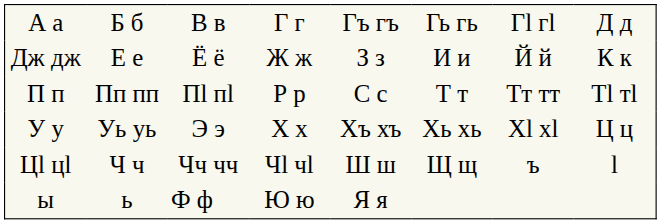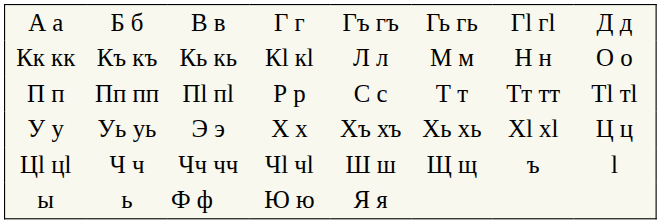 <table style="font-family:Arial Unicode MS; font-size:1.4em; border-color:#000; border-width:1px; border-style:solid; border-collapse:collapse; background:#f8f8ef;">
 <tr>
 <td style="width:3em; text-align:center; padding: 3px;">А а</td>
 <td style="width:3em; text-align:center; padding: 3px;">Б б</td>
 <td style="width:3em; text-align:center; padding: 3px;">В в</td>
 <td style="width:3em; text-align:center; padding: 3px;">Г г</td>
 <td style="width:3em; text-align:center; padding: 3px;">Гъ гъ</td>
 <td style="width:3em; text-align:center; padding: 3px;">Гь гь</td>
 <td style="width:3em; text-align:center; padding: 3px;">Гӏ гӏ</td>
 <td style="width:3em; text-align:center; padding: 3px;">Д д</td>
 </tr>
 <tr style="text-align:center;">
-<td style="width:3em; padding: 3px;">Дж дж</td>
-<td style="width:3em; padding: 3px;">Е е</td>
-<td style="width:3em; padding: 3px;">Ё ё</td>
-<td style="width:3em; padding: 3px;">Ж ж</td>
-<td style="width:3em; padding: 3px;">З з</td>
-<td style="width:3em; padding: 3px;">И и</td>
-<td style="width:3em; padding: 3px;">Й й</td>
-<td style="width:3em; padding: 3px;">К к</td>
+<td style="width:3em; padding: 3px;">Кк кк</td>
+<td style="width:3em; padding: 3px;">Къ къ</td>
+<td style="width:3em; padding: 3px;">Кь кь</td>
+<td style="width:3em; padding: 3px;">Кӏ кӏ</td>
+<td style="width:3em; padding: 3px;">Л л</td>
+<td style="width:3em; padding: 3px;">М м</td>
+<td style="width:3em; padding: 3px;">Н н</td>
+<td style="width:3em; padding: 3px;">О о</td>
 </tr>
 <tr style="text-align:center;">
 <td style="width:3em; padding: 3px;">П п</td>
 <td style="width:3em; padding: 3px;">Пп пп</td>
 <td style="width:3em; padding: 3px;">Пӏ пӏ</td>
 <td style="width:3em; padding: 3px;">Р р</td>
 <td style="width:3em; padding: 3px;">С с</td>
 <td style="width:3em; padding: 3px;">Т т</td>
 <td style="width:3em; padding: 3px;">Тт тт</td>
 <td style="width:3em; padding: 3px;">Тӏ тӏ</td>
 </tr>
 <tr style="text-align:center;">
 <td style="width:3em; padding: 3px;">У у</td>
 <td style="width:3em; padding: 3px;">Уь уь</td>
 <td style="width:3em; text-align:center; padding: 3px;">Э э</td>
 <td style="width:3em; padding: 3px;">Х х</td>
 <td style="width:3em; padding: 3px;">Хъ хъ</td>
 <td style="width:3em; padding: 3px;">Хь хь</td>
 <td style="width:3em; padding: 3px;">Хӏ хӏ</td>
 <td style="width:3em; padding: 3px;">Ц ц</td>
 </tr>
 <tr style="text-align:center;">
 <td style="width:3em; padding: 3px;">Цӏ цӏ</td>
 <td style="width:3em; padding: 3px;">Ч ч</td>
 <td style="width:3em; padding: 3px;">Чч чч</td>
 <td style="width:3em; padding: 3px;">Чӏ чӏ</td>
 <td style="width:3em; padding: 3px;">Ш ш</td>
 <td style="width:3em; padding: 3px;">Щ щ</td>
 <td style="width:3em; padding: 3px;">ъ</td>
 <td style="width:3em; padding: 3px;">ӏ</td>
 </tr>
 <tr>
 <td style="width:3em; text-align:center; padding: 3px;">ы</td>
 <td style="width:3em; text-align:center; padding: 3px;">ь</td>
 <td style="width:3em; padding: 3px;">Ф ф</td>
 <td style="width:3em; text-align:center; padding: 3px;">Ю ю</td>
 <td style="width:3em; text-align:center; padding: 3px;">Я я</td>
 <td style="width:3em; text-align:center; padding: 3px;"></td>
 <td></td>
 <td></td>
 </tr>
 </table>
